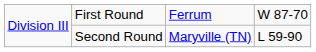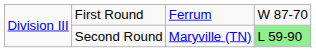 <table class="wikitable">
 <tr>
 <td rowspan="2"><a href='#'>Division III</a></td>
 <td>First Round</td>
 <td><a href='#'>Ferrum</a></td>
 <td>W 87-70</td>
 </tr>
 <tr>
 <td>Second Round</td>
 <td><a href='#'>Maryville (TN)</a></td>
-<td>L 59-90</td>
+<td style="background: lightgreen;">L 59-90</td>
 </tr>
 </table>
